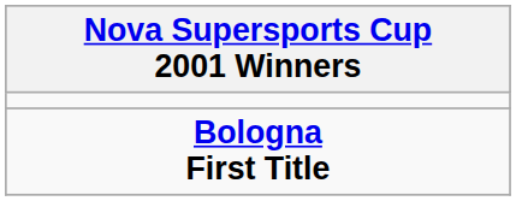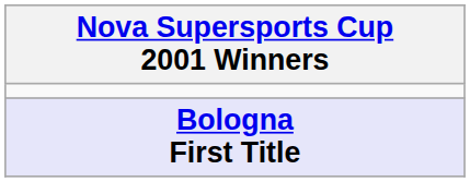 <table class="wikitable" style="text-align: center; margin: 0 auto; width: 20%">
 <tr>
 <th><a href='#'>Nova Supersports Cup</a><br>2001 Winners</th>
 </tr>
 <tr>
 <td></td>
 </tr>
 <tr>
-<td><strong><a href='#'>Bologna</a></strong><br><strong>First Title</strong></td>
+<td style="background: lavender;"><strong><a href='#'>Bologna</a></strong><br><strong>First Title</strong></td>
 </tr>
 </table>
